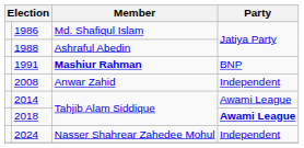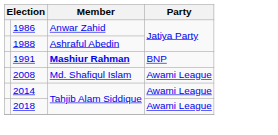 <table class="wikitable">
 <tr>
 <th colspan="2">Election</th>
 <th>Member</th>
 <th>Party</th>
 </tr>
 <tr>
 <td style="background-color:"></td>
 <td><a href='#'>1986</a></td>
-<td><a href='#'>Md. Shafiqul Islam</a></td>
+<td><a href='#'>Anwar Zahid</a></td>
 <td rowspan="2"><a href='#'>Jatiya Party</a></td>
 </tr>
 <tr>
 <td style="background-color:"></td>
 <td><a href='#'>1988</a></td>
 <td><a href='#'>Ashraful Abedin</a></td>
 </tr>
 <tr>
 <td style="background-color:"></td>
 <td><a href='#'>1991</a></td>
 <td><strong><a href='#'>Mashiur Rahman</a></strong></td>
 <td><a href='#'>BNP</a></td>
 </tr>
 <tr>
 <td style="background-color:"></td>
 <td><a href='#'>2008</a></td>
-<td><a href='#'>Anwar Zahid</a></td>
-<td><a href='#'>Independent</a></td>
+<td><a href='#'>Md. Shafiqul Islam</a></td>
+<td><a href='#'>Awami League</a></td>
 </tr>
 <tr>
 <td style="background-color:"></td>
 <td><a href='#'>2014</a></td>
 <td rowspan="2"><a href='#'>Tahjib Alam Siddique</a></td>
 <td><a href='#'>Awami League</a></td>
 </tr>
 <tr>
 <td style="background-color:"></td>
 <td><a href='#'>2018</a></td>
-<td><strong><a href='#'>Awami League</a></strong></td>
-</tr>
-<tr>
-<td style="background-color:"></td>
-<td><a href='#'>2024</a></td>
-<td><a href='#'>Nasser Shahrear Zahedee Mohul</a></td>
-<td><a href='#'>Independent</a></td>
+<td><a href='#'>Awami League</a></td>
 </tr>
 <tr>
 </tr>
 </table>
